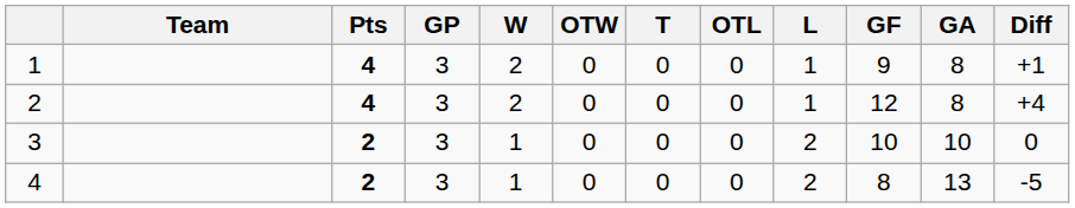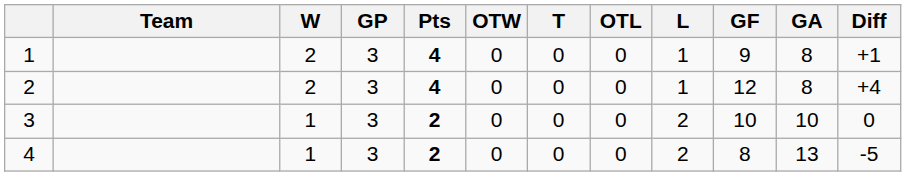 <table class="wikitable" style="text-align:center;">
 <tr>
 <th width=30></th>
 <th width=165>Team</th>
+<th width=40>W</th>
+<th width=40>GP</th>
 <th width=40>Pts</th>
-<th width=40>GP</th>
-<th width=40>W</th>
 <th width=40>OTW</th>
 <th width=40>T</th>
 <th width=40>OTL</th>
 <th width=40>L</th>
 <th width=40>GF</th>
 <th width=40>GA</th>
 <th width=40>Diff</th>
 </tr>
 <tr>
 <td>1</td>
 <td style="text-align:left;"></td>
+<td>2</td>
+<td>3</td>
 <td><strong>4</strong></td>
-<td>3</td>
-<td>2</td>
 <td>0</td>
 <td>0</td>
 <td>0</td>
 <td>1</td>
 <td>9</td>
 <td>8</td>
 <td>+1</td>
 </tr>
 <tr>
 <td>2</td>
 <td style="text-align:left;"></td>
+<td>2</td>
+<td>3</td>
 <td><strong>4</strong></td>
-<td>3</td>
-<td>2</td>
 <td>0</td>
 <td>0</td>
 <td>0</td>
 <td>1</td>
 <td>12</td>
 <td>8</td>
 <td>+4</td>
 </tr>
 <tr>
 <td>3</td>
 <td style="text-align:left;"></td>
+<td>1</td>
+<td>3</td>
 <td><strong>2</strong></td>
-<td>3</td>
-<td>1</td>
 <td>0</td>
 <td>0</td>
 <td>0</td>
 <td>2</td>
 <td>10</td>
 <td>10</td>
 <td>0</td>
 </tr>
 <tr>
 <td>4</td>
 <td style="text-align:left;"></td>
+<td>1</td>
+<td>3</td>
 <td><strong>2</strong></td>
-<td>3</td>
-<td>1</td>
 <td>0</td>
 <td>0</td>
 <td>0</td>
 <td>2</td>
 <td>8</td>
 <td>13</td>
 <td>-5</td>
 </tr>
 </table>
